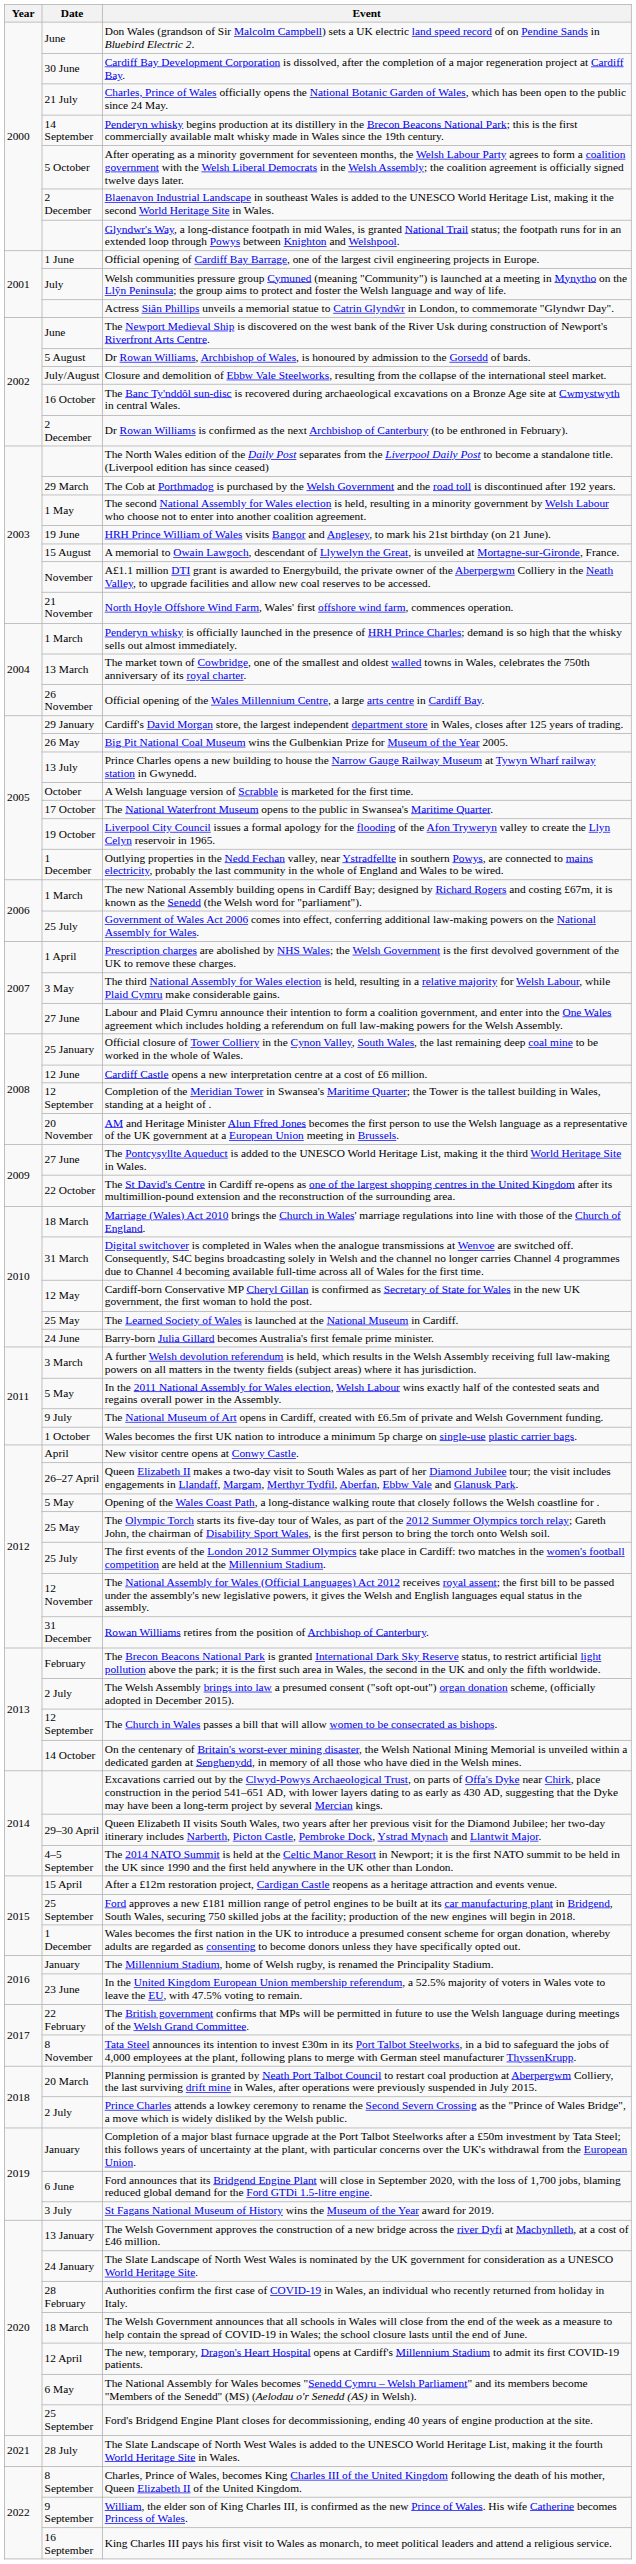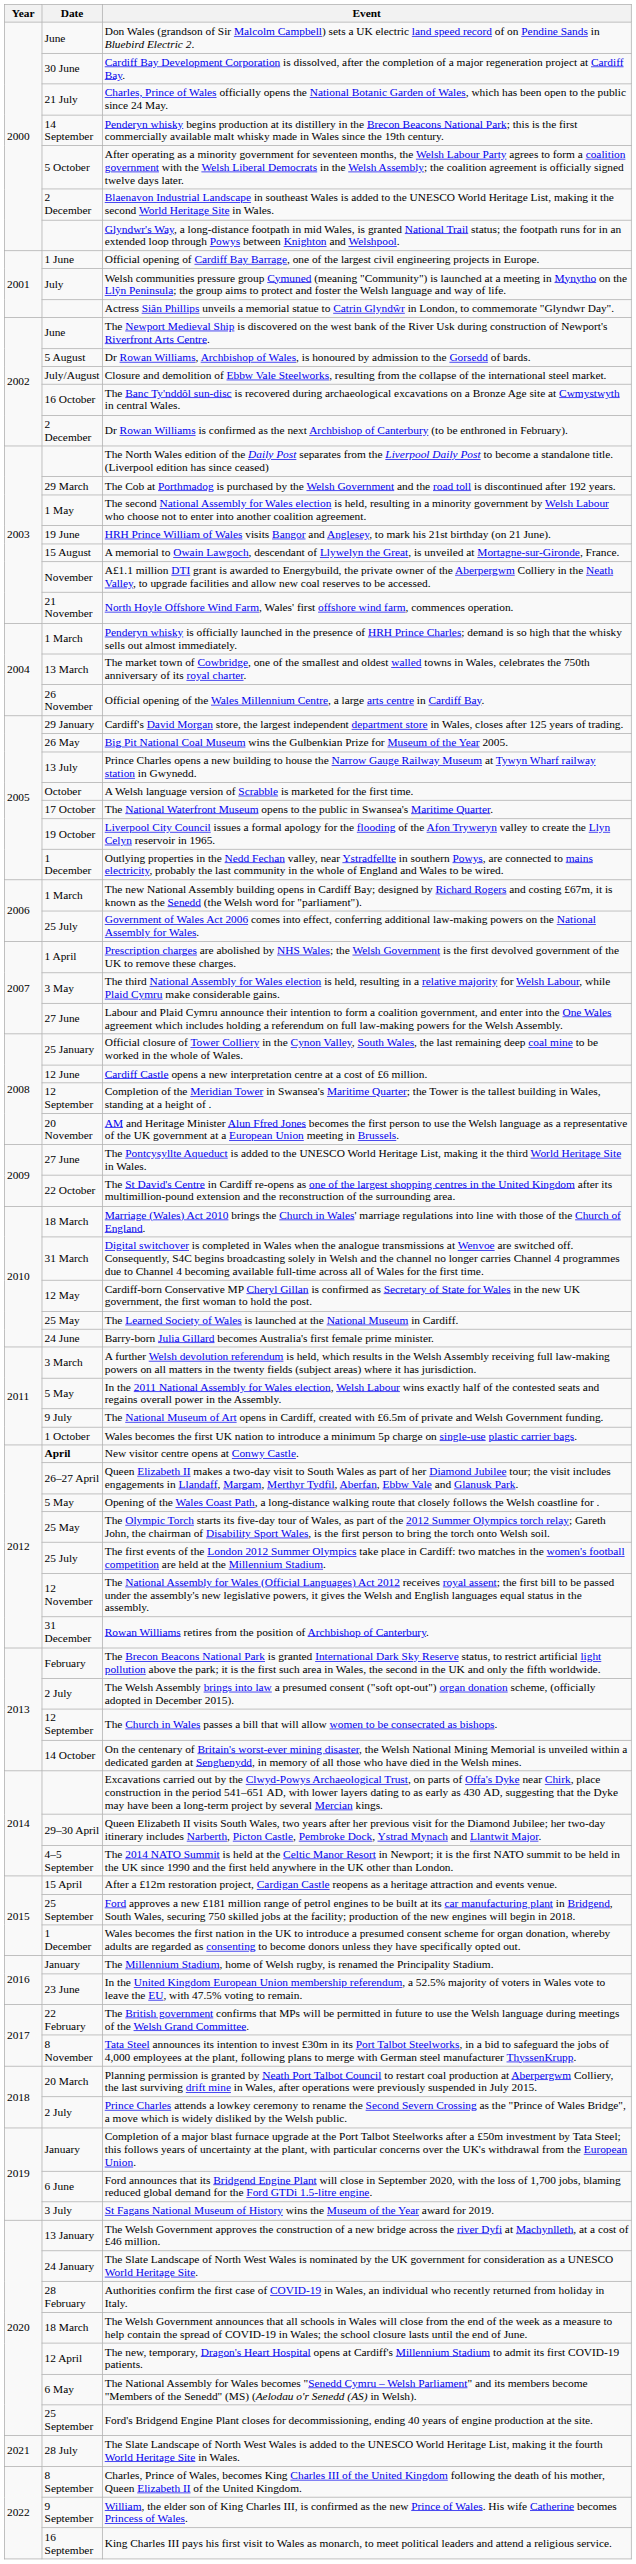 <table class="wikitable" width="100%">
 <tr>
 <th style="width:6%">Year</th>
 <th style="width:6%">Date</th>
 <th>Event</th>
 </tr>
 <tr>
 <td rowspan=7>2000</td>
 <td>June</td>
 <td>Don Wales (grandson of Sir <a href='#'>Malcolm Campbell</a>) sets a UK electric <a href='#'>land speed record</a> of  on <a href='#'>Pendine Sands</a> in <em>Bluebird Electric 2</em>.</td>
 </tr>
 <tr>
 <td>30 June</td>
 <td><a href='#'>Cardiff Bay Development Corporation</a> is dissolved, after the completion of a major regeneration project at <a href='#'>Cardiff Bay</a>.</td>
 </tr>
 <tr>
 <td>21 July</td>
 <td><a href='#'>Charles, Prince of Wales</a> officially opens the <a href='#'>National Botanic Garden of Wales</a>, which has been open to the public since 24 May.</td>
 </tr>
 <tr>
 <td>14 September</td>
 <td><a href='#'>Penderyn whisky</a> begins production at its distillery in the <a href='#'>Brecon Beacons National Park</a>; this is the first commercially available malt whisky made in Wales since the 19th century.</td>
 </tr>
 <tr>
 <td>5 October</td>
 <td>After operating as a minority government for seventeen months, the <a href='#'>Welsh Labour Party</a> agrees to form a <a href='#'>coalition government</a> with the <a href='#'>Welsh Liberal Democrats</a> in the <a href='#'>Welsh Assembly</a>; the coalition agreement is officially signed twelve days later.</td>
 </tr>
 <tr>
 <td>2 December</td>
 <td><a href='#'>Blaenavon Industrial Landscape</a> in southeast Wales is added to the UNESCO World Heritage List, making it the second <a href='#'>World Heritage Site</a> in Wales.</td>
 </tr>
 <tr>
 <td></td>
 <td><a href='#'>Glyndwr's Way</a>, a long-distance footpath in mid Wales, is granted <a href='#'>National Trail</a> status; the footpath runs for  in an extended loop through <a href='#'>Powys</a> between <a href='#'>Knighton</a> and <a href='#'>Welshpool</a>.</td>
 </tr>
 <tr>
 <td rowspan=3>2001</td>
 <td>1 June</td>
 <td>Official opening of <a href='#'>Cardiff Bay Barrage</a>, one of the largest civil engineering projects in Europe.</td>
 </tr>
 <tr>
 <td>July</td>
 <td>Welsh communities pressure group <a href='#'>Cymuned</a> (meaning "Community") is launched at a meeting in <a href='#'>Mynytho</a> on the <a href='#'>Llŷn Peninsula</a>; the group aims to protect and foster the Welsh language and way of life.</td>
 </tr>
 <tr>
 <td></td>
 <td>Actress <a href='#'>Siân Phillips</a> unveils a memorial statue to <a href='#'>Catrin Glyndŵr</a> in London, to commemorate "Glyndwr Day".</td>
 </tr>
 <tr>
 <td rowspan=5>2002</td>
 <td>June</td>
 <td>The <a href='#'>Newport Medieval Ship</a> is discovered on the west bank of the River Usk during construction of Newport's <a href='#'>Riverfront Arts Centre</a>.</td>
 </tr>
 <tr>
 <td>5 August</td>
 <td>Dr <a href='#'>Rowan Williams</a>, <a href='#'>Archbishop of Wales</a>, is honoured by admission to the <a href='#'>Gorsedd</a> of bards.</td>
 </tr>
 <tr>
 <td>July/August</td>
 <td>Closure and demolition of <a href='#'>Ebbw Vale Steelworks</a>, resulting from the collapse of the international steel market.</td>
 </tr>
 <tr>
 <td>16 October</td>
 <td>The <a href='#'>Banc Ty'nddôl sun-disc</a> is recovered during archaeological excavations on a Bronze Age site at <a href='#'>Cwmystwyth</a> in central Wales.</td>
 </tr>
 <tr>
 <td>2 December</td>
 <td>Dr <a href='#'>Rowan Williams</a> is confirmed as the next <a href='#'>Archbishop of Canterbury</a> (to be enthroned in February).</td>
 </tr>
 <tr>
 <td rowspan=7>2003</td>
 <td></td>
 <td>The North Wales edition of the <em><a href='#'>Daily Post</a></em> separates from the <em><a href='#'>Liverpool Daily Post</a></em> to become a standalone title. (Liverpool edition has since ceased)</td>
 </tr>
 <tr>
 <td>29 March</td>
 <td>The Cob at <a href='#'>Porthmadog</a> is purchased by the <a href='#'>Welsh Government</a> and the <a href='#'>road toll</a> is discontinued after 192 years.</td>
 </tr>
 <tr>
 <td>1 May</td>
 <td>The second <a href='#'>National Assembly for Wales election</a> is held, resulting in a minority government by <a href='#'>Welsh Labour</a> who choose not to enter into another coalition agreement.</td>
 </tr>
 <tr>
 <td>19 June</td>
 <td><a href='#'>HRH Prince William of Wales</a> visits <a href='#'>Bangor</a> and <a href='#'>Anglesey</a>, to mark his 21st birthday (on 21 June).</td>
 </tr>
 <tr>
 <td>15 August</td>
 <td>A memorial to <a href='#'>Owain Lawgoch</a>, descendant of <a href='#'>Llywelyn the Great</a>, is unveiled at <a href='#'>Mortagne-sur-Gironde</a>, France.</td>
 </tr>
 <tr>
 <td>November</td>
 <td>A£1.1 million <a href='#'>DTI</a> grant is awarded to Energybuild, the private owner of the <a href='#'>Aberpergwm</a> Colliery in the <a href='#'>Neath Valley</a>, to upgrade facilities and allow new coal reserves to be accessed.</td>
 </tr>
 <tr>
 <td>21 November</td>
 <td><a href='#'>North Hoyle Offshore Wind Farm</a>, Wales' first <a href='#'>offshore wind farm</a>, commences operation.</td>
 </tr>
 <tr>
 <td rowspan=3>2004</td>
 <td>1 March</td>
 <td><a href='#'>Penderyn whisky</a> is officially launched in the presence of <a href='#'>HRH Prince Charles</a>; demand is so high that the whisky sells out almost immediately.</td>
 </tr>
 <tr>
 <td>13 March</td>
 <td>The market town of <a href='#'>Cowbridge</a>, one of the smallest and oldest <a href='#'>walled</a> towns in Wales, celebrates the 750th anniversary of its <a href='#'>royal charter</a>.</td>
 </tr>
 <tr>
 <td>26 November</td>
 <td>Official opening of the <a href='#'>Wales Millennium Centre</a>, a large <a href='#'>arts centre</a> in <a href='#'>Cardiff Bay</a>.</td>
 </tr>
 <tr>
 <td rowspan=7>2005</td>
 <td>29 January</td>
 <td>Cardiff's <a href='#'>David Morgan</a> store, the largest independent <a href='#'>department store</a> in Wales, closes after 125 years of trading.</td>
 </tr>
 <tr>
 <td>26 May</td>
 <td><a href='#'>Big Pit National Coal Museum</a> wins the Gulbenkian Prize for <a href='#'>Museum of the Year</a> 2005.</td>
 </tr>
 <tr>
 <td>13 July</td>
 <td>Prince Charles opens a new building to house the <a href='#'>Narrow Gauge Railway Museum</a> at <a href='#'>Tywyn Wharf railway station</a> in Gwynedd.</td>
 </tr>
 <tr>
 <td>October</td>
 <td>A Welsh language version of <a href='#'>Scrabble</a> is marketed for the first time.</td>
 </tr>
 <tr>
 <td>17 October</td>
 <td>The <a href='#'>National Waterfront Museum</a> opens to the public in Swansea's <a href='#'>Maritime Quarter</a>.</td>
 </tr>
 <tr>
 <td>19 October</td>
 <td><a href='#'>Liverpool City Council</a> issues a formal apology for the <a href='#'>flooding</a> of the <a href='#'>Afon Tryweryn</a> valley to create the <a href='#'>Llyn Celyn</a> reservoir in 1965.</td>
 </tr>
 <tr>
 <td>1 December</td>
 <td>Outlying properties in the <a href='#'>Nedd Fechan</a> valley, near <a href='#'>Ystradfellte</a> in southern <a href='#'>Powys</a>, are connected to <a href='#'>mains electricity</a>, probably the last community in the whole of England and Wales to be wired.</td>
 </tr>
 <tr>
 <td rowspan=2>2006</td>
 <td>1 March</td>
 <td>The new National Assembly building opens in Cardiff Bay; designed by <a href='#'>Richard Rogers</a> and costing £67m, it is known as the <a href='#'>Senedd</a> (the Welsh word for "parliament").</td>
 </tr>
 <tr>
 <td>25 July</td>
 <td><a href='#'>Government of Wales Act 2006</a> comes into effect, conferring additional law-making powers on the <a href='#'>National Assembly for Wales</a>.</td>
 </tr>
 <tr>
 <td rowspan=3>2007</td>
 <td>1 April</td>
 <td><a href='#'>Prescription charges</a> are abolished by <a href='#'>NHS Wales</a>; the <a href='#'>Welsh Government</a> is the first devolved government of the UK to remove these charges.</td>
 </tr>
 <tr>
 <td>3 May</td>
 <td>The third <a href='#'>National Assembly for Wales election</a> is held, resulting in a <a href='#'>relative majority</a> for <a href='#'>Welsh Labour</a>, while <a href='#'>Plaid Cymru</a> make considerable gains.</td>
 </tr>
 <tr>
 <td>27 June</td>
 <td>Labour and Plaid Cymru announce their intention to form a coalition government, and enter into the <a href='#'>One Wales</a> agreement which includes holding a referendum on full law-making powers for the Welsh Assembly.</td>
 </tr>
 <tr>
 <td rowspan=4>2008</td>
 <td>25 January</td>
 <td>Official closure of <a href='#'>Tower Colliery</a> in the <a href='#'>Cynon Valley</a>, <a href='#'>South Wales</a>, the last remaining deep <a href='#'>coal mine</a> to be worked in the whole of Wales.</td>
 </tr>
 <tr>
 <td>12 June</td>
 <td><a href='#'>Cardiff Castle</a> opens a new interpretation centre at a cost of £6 million.</td>
 </tr>
 <tr>
 <td>12 September</td>
 <td>Completion of the <a href='#'>Meridian Tower</a> in Swansea's <a href='#'>Maritime Quarter</a>; the Tower is the tallest building in Wales, standing at a height of .</td>
 </tr>
 <tr>
 <td>20 November</td>
 <td><a href='#'>AM</a> and Heritage Minister <a href='#'>Alun Ffred Jones</a> becomes the first person to use the Welsh language as a representative of the UK government at a <a href='#'>European Union</a> meeting in <a href='#'>Brussels</a>.</td>
 </tr>
 <tr>
 <td rowspan=2>2009</td>
 <td>27 June</td>
 <td>The <a href='#'>Pontcysyllte Aqueduct</a> is added to the UNESCO World Heritage List, making it the third <a href='#'>World Heritage Site</a> in Wales.</td>
 </tr>
 <tr>
 <td>22 October</td>
 <td>The <a href='#'>St David's Centre</a> in Cardiff re-opens as <a href='#'>one of the largest shopping centres in the United Kingdom</a> after its multimillion-pound extension and the reconstruction of the surrounding area.</td>
 </tr>
 <tr>
 <td rowspan=5>2010</td>
 <td>18 March</td>
 <td><a href='#'>Marriage (Wales) Act 2010</a> brings the <a href='#'>Church in Wales</a>' marriage regulations into line with those of the <a href='#'>Church of England</a>.</td>
 </tr>
 <tr>
 <td>31 March</td>
 <td><a href='#'>Digital switchover</a> is completed in Wales when the analogue transmissions at <a href='#'>Wenvoe</a> are switched off. Consequently, S4C begins broadcasting solely in Welsh and the channel no longer carries Channel 4 programmes due to Channel 4 becoming available full-time across all of Wales for the first time.</td>
 </tr>
 <tr>
 <td>12 May</td>
 <td>Cardiff-born Conservative MP <a href='#'>Cheryl Gillan</a> is confirmed as <a href='#'>Secretary of State for Wales</a> in the new UK government, the first woman to hold the post.</td>
 </tr>
 <tr>
 <td>25 May</td>
 <td>The <a href='#'>Learned Society of Wales</a> is launched at the <a href='#'>National Museum</a> in Cardiff.</td>
 </tr>
 <tr>
 <td>24 June</td>
 <td>Barry-born <a href='#'>Julia Gillard</a> becomes Australia's first female prime minister.</td>
 </tr>
 <tr>
 <td rowspan=4>2011</td>
 <td>3 March</td>
 <td>A further <a href='#'>Welsh devolution referendum</a> is held, which results in the Welsh Assembly receiving full law-making powers on all matters in the twenty fields (subject areas) where it has jurisdiction.</td>
 </tr>
 <tr>
 <td>5 May</td>
 <td>In the <a href='#'>2011 National Assembly for Wales election</a>, <a href='#'>Welsh Labour</a> wins exactly half of the contested seats and regains overall power in the Assembly.</td>
 </tr>
 <tr>
 <td>9 July</td>
 <td>The <a href='#'>National Museum of Art</a> opens in Cardiff, created with £6.5m of private and Welsh Government funding.</td>
 </tr>
 <tr>
 <td>1 October</td>
 <td>Wales becomes the first UK nation to introduce a minimum 5p charge on <a href='#'>single-use</a> <a href='#'>plastic carrier bags</a>.</td>
 </tr>
 <tr>
 <td rowspan=7>2012</td>
-<td>April</td>
+<td><strong>April</strong></td>
 <td>New visitor centre opens at <a href='#'>Conwy Castle</a>.</td>
 </tr>
 <tr>
 <td>26–27 April</td>
 <td>Queen <a href='#'>Elizabeth II</a> makes a two-day visit to South Wales as part of her <a href='#'>Diamond Jubilee</a> tour; the visit includes engagements in <a href='#'>Llandaff</a>, <a href='#'>Margam</a>, <a href='#'>Merthyr Tydfil</a>, <a href='#'>Aberfan</a>, <a href='#'>Ebbw Vale</a> and <a href='#'>Glanusk Park</a>.</td>
 </tr>
 <tr>
 <td>5 May</td>
 <td>Opening of the <a href='#'>Wales Coast Path</a>, a long-distance walking route that closely follows the Welsh coastline for .</td>
 </tr>
 <tr>
 <td>25 May</td>
 <td>The <a href='#'>Olympic Torch</a> starts its five-day tour of Wales, as part of the <a href='#'>2012 Summer Olympics torch relay</a>; Gareth John, the chairman of <a href='#'>Disability Sport Wales</a>, is the first person to bring the torch onto Welsh soil.</td>
 </tr>
 <tr>
 <td>25 July</td>
 <td>The first events of the <a href='#'>London 2012 Summer Olympics</a> take place in Cardiff: two matches in the <a href='#'>women's football competition</a> are held at the <a href='#'>Millennium Stadium</a>.</td>
 </tr>
 <tr>
 <td>12 November</td>
 <td>The <a href='#'>National Assembly for Wales (Official Languages) Act 2012</a> receives <a href='#'>royal assent</a>; the first bill to be passed under the assembly's new legislative powers, it gives the Welsh and English languages equal status in the assembly.</td>
 </tr>
 <tr>
 <td>31 December</td>
 <td><a href='#'>Rowan Williams</a> retires from the position of <a href='#'>Archbishop of Canterbury</a>.</td>
 </tr>
 <tr>
 <td rowspan=4>2013</td>
 <td>February</td>
 <td>The <a href='#'>Brecon Beacons National Park</a> is granted <a href='#'>International Dark Sky Reserve</a> status, to restrict artificial <a href='#'>light pollution</a> above the park; it is the first such area in Wales, the second in the UK and only the fifth worldwide.</td>
 </tr>
 <tr>
 <td>2 July</td>
 <td>The Welsh Assembly <a href='#'>brings into law</a> a presumed consent ("soft opt-out") <a href='#'>organ donation</a> scheme, (officially adopted in December 2015).</td>
 </tr>
 <tr>
 <td>12 September</td>
 <td>The <a href='#'>Church in Wales</a> passes a bill that will allow <a href='#'>women to be consecrated as bishops</a>.</td>
 </tr>
 <tr>
 <td>14 October</td>
 <td>On the centenary of <a href='#'>Britain's worst-ever mining disaster</a>, the Welsh National Mining Memorial is unveiled within a dedicated garden at <a href='#'>Senghenydd</a>, in memory of all those who have died in the Welsh mines.</td>
 </tr>
 <tr>
 <td rowspan=3>2014</td>
 <td></td>
 <td>Excavations carried out by the <a href='#'>Clwyd-Powys Archaeological Trust</a>, on parts of <a href='#'>Offa's Dyke</a> near <a href='#'>Chirk</a>, place construction in the period 541–651 AD, with lower layers dating to as early as 430 AD, suggesting that the Dyke may have been a long-term project by several <a href='#'>Mercian</a> kings.</td>
 </tr>
 <tr>
 <td>29–30 April</td>
 <td>Queen Elizabeth II visits South Wales, two years after her previous visit for the Diamond Jubilee; her two-day itinerary includes <a href='#'>Narberth</a>, <a href='#'>Picton Castle</a>, <a href='#'>Pembroke Dock</a>, <a href='#'>Ystrad Mynach</a> and <a href='#'>Llantwit Major</a>.</td>
 </tr>
 <tr>
 <td>4–5 September</td>
 <td>The <a href='#'>2014 NATO Summit</a> is held at the <a href='#'>Celtic Manor Resort</a> in Newport; it is the first NATO summit to be held in the UK since 1990 and the first held anywhere in the UK other than London.</td>
 </tr>
 <tr>
 <td rowspan=3>2015</td>
 <td>15 April</td>
 <td>After a £12m restoration project, <a href='#'>Cardigan Castle</a> reopens as a heritage attraction and events venue.</td>
 </tr>
 <tr>
 <td>25 September</td>
 <td><a href='#'>Ford</a> approves a new £181 million range of petrol engines to be built at its <a href='#'>car manufacturing plant</a> in <a href='#'>Bridgend</a>, South Wales, securing 750 skilled jobs at the facility; production of the new engines will begin in 2018.</td>
 </tr>
 <tr>
 <td>1 December</td>
 <td>Wales becomes the first nation in the UK to introduce a presumed consent scheme for organ donation, whereby adults are regarded as <a href='#'>consenting</a> to become donors unless they have specifically opted out.</td>
 </tr>
 <tr>
 <td rowspan=2>2016</td>
 <td>January</td>
 <td>The <a href='#'>Millennium Stadium</a>, home of Welsh rugby, is renamed the Principality Stadium.</td>
 </tr>
 <tr>
 <td>23 June</td>
 <td>In the <a href='#'>United Kingdom European Union membership referendum</a>, a 52.5% majority of voters in Wales vote to leave the <a href='#'>EU</a>, with 47.5% voting to remain.</td>
 </tr>
 <tr>
 <td rowspan=2>2017</td>
 <td>22 February</td>
 <td>The <a href='#'>British government</a> confirms that MPs will be permitted in future to use the Welsh language during meetings of the <a href='#'>Welsh Grand Committee</a>.</td>
 </tr>
 <tr>
 <td>8 November</td>
 <td><a href='#'>Tata Steel</a> announces its intention to invest £30m in its <a href='#'>Port Talbot Steelworks</a>, in a bid to safeguard the jobs of 4,000 employees at the plant, following plans to merge with German steel manufacturer <a href='#'>ThyssenKrupp</a>.</td>
 </tr>
 <tr>
 <td rowspan=2>2018</td>
 <td>20 March</td>
 <td>Planning permission is granted by <a href='#'>Neath Port Talbot Council</a> to restart coal production at <a href='#'>Aberpergwm</a> Colliery, the last surviving <a href='#'>drift mine</a> in Wales, after operations were previously suspended in July 2015.</td>
 </tr>
 <tr>
 <td>2 July</td>
 <td><a href='#'>Prince Charles</a> attends a lowkey ceremony to rename the <a href='#'>Second Severn Crossing</a> as the "Prince of Wales Bridge", a move which is widely disliked by the Welsh public.</td>
 </tr>
 <tr>
 <td rowspan=3>2019</td>
 <td>January</td>
 <td>Completion of a major blast furnace upgrade at the Port Talbot Steelworks after a £50m investment by Tata Steel; this follows years of uncertainty at the plant, with particular concerns over the UK's withdrawal from the <a href='#'>European Union</a>.</td>
 </tr>
 <tr>
 <td>6 June</td>
 <td>Ford announces that its <a href='#'>Bridgend Engine Plant</a> will close in September 2020, with the loss of 1,700 jobs, blaming reduced global demand for the <a href='#'>Ford GTDi 1.5-litre engine</a>.</td>
 </tr>
 <tr>
 <td>3 July</td>
 <td><a href='#'>St Fagans National Museum of History</a> wins the <a href='#'>Museum of the Year</a> award for 2019.</td>
 </tr>
 <tr>
 <td rowspan=7>2020</td>
 <td>13 January</td>
 <td>The Welsh Government approves the construction of a new bridge across the <a href='#'>river Dyfi</a> at <a href='#'>Machynlleth</a>, at a cost of £46 million.</td>
 </tr>
 <tr>
 <td>24 January</td>
 <td>The Slate Landscape of North West Wales is nominated by the UK government for consideration as a UNESCO <a href='#'>World Heritage Site</a>.</td>
 </tr>
 <tr>
 <td>28 February</td>
 <td>Authorities confirm the first case of <a href='#'>COVID-19</a> in Wales, an individual who recently returned from holiday in Italy.</td>
 </tr>
 <tr>
 <td>18 March</td>
 <td>The Welsh Government announces that all schools in Wales will close from the end of the week as a measure to help contain the spread of COVID-19 in Wales; the school closure lasts until the end of June.</td>
 </tr>
 <tr>
 <td>12 April</td>
 <td>The new, temporary, <a href='#'>Dragon's Heart Hospital</a> opens at Cardiff's <a href='#'>Millennium Stadium</a> to admit its first COVID-19 patients.</td>
 </tr>
 <tr>
 <td>6 May</td>
 <td>The National Assembly for Wales becomes "<a href='#'>Senedd Cymru – Welsh Parliament</a>" and its members become "Members of the Senedd" (MS) (<em>Aelodau o'r Senedd (AS)</em> in Welsh).</td>
 </tr>
 <tr>
 <td>25 September</td>
 <td>Ford's Bridgend Engine Plant closes for decommissioning, ending 40 years of engine production at the site.</td>
 </tr>
 <tr>
 <td>2021</td>
 <td>28 July</td>
 <td>The Slate Landscape of North West Wales is added to the UNESCO World Heritage List, making it the fourth <a href='#'>World Heritage Site</a> in Wales.</td>
 </tr>
 <tr>
 <td rowspan=3>2022</td>
 <td>8 September</td>
 <td>Charles, Prince of Wales, becomes King <a href='#'>Charles III of the United Kingdom</a> following the death of his mother, Queen <a href='#'>Elizabeth II</a> of the United Kingdom.</td>
 </tr>
 <tr>
 <td>9 September</td>
 <td><a href='#'>William</a>, the elder son of King Charles III, is confirmed as the new <a href='#'>Prince of Wales</a>. His wife <a href='#'>Catherine</a> becomes <a href='#'>Princess of Wales</a>.</td>
 </tr>
 <tr>
 <td>16 September</td>
 <td>King Charles III pays his first visit to Wales as monarch, to meet political leaders and attend a religious service.</td>
 </tr>
 </table>
